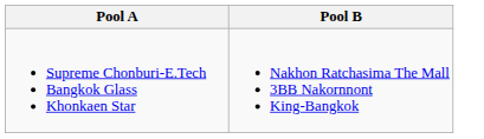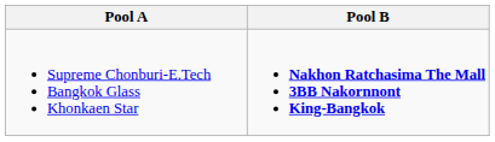 <table class="wikitable">
 <tr>
 <th width=50%>Pool A</th>
 <th width=50%>Pool B</th>
 </tr>
 <tr>
 <td><br><ul><li><a href='#'>Supreme Chonburi-E.Tech</a></li><li><a href='#'>Bangkok Glass</a></li><li><a href='#'>Khonkaen Star</a></li></ul></td>
-<td><br><ul><li><a href='#'>Nakhon Ratchasima The Mall</a></li><li><a href='#'>3BB Nakornnont</a></li><li><a href='#'>King-Bangkok</a></li></ul></td>
+<td><strong><br><ul><li><a href='#'>Nakhon Ratchasima The Mall</a></li><li><a href='#'>3BB Nakornnont</a></li><li><a href='#'>King-Bangkok</a></li></ul></strong></td>
 </tr>
 </table>
